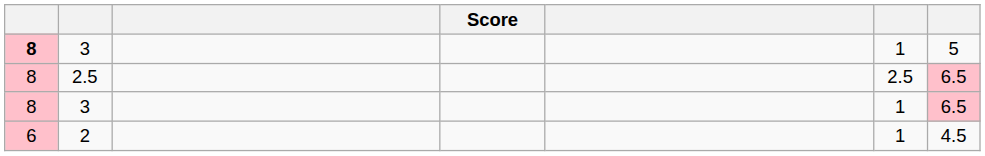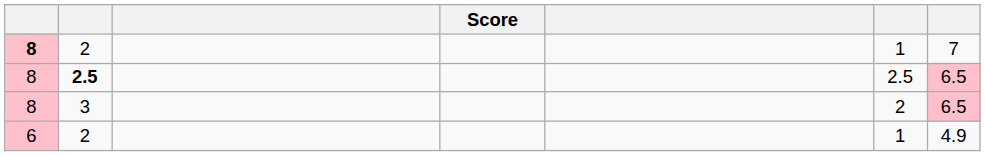 <table class="wikitable" style="text-align: center; font-size:90%" |>
 <tr>
 <th width="35"></th>
 <th width="35"></th>
 <th width="250"></th>
 <th width="75">Score</th>
 <th width="250"></th>
 <th width="35"></th>
 <th width="35"></th>
 </tr>
 <tr>
 <td bgcolor=pink><strong>8</strong></td>
-<td>3</td>
+<td>2</td>
 <td style="text-align:left;"></td>
 <td></td>
 <td style="text-align:left;"><strong></strong></td>
 <td>1</td>
-<td>5</td>
+<td>7</td>
 </tr>
 <tr>
 <td bgcolor=pink>8</td>
-<td>2.5</td>
+<td><strong>2.5</strong></td>
 <td style="text-align:left;"></td>
 <td></td>
 <td style="text-align:left;"></td>
 <td>2.5</td>
 <td bgcolor=pink>6.5</td>
 </tr>
 <tr>
 <td bgcolor=pink>8</td>
 <td>3</td>
 <td style="text-align:left;"></td>
 <td></td>
 <td style="text-align:left;"><strong></strong></td>
-<td>1</td>
+<td>2</td>
 <td bgcolor=pink>6.5</td>
 </tr>
 <tr>
 <td bgcolor=pink>6</td>
 <td>2</td>
 <td style="text-align:left;"></td>
 <td></td>
 <td style="text-align:left;"></td>
 <td>1</td>
-<td>4.5</td>
+<td>4.9</td>
 </tr>
 </table>
